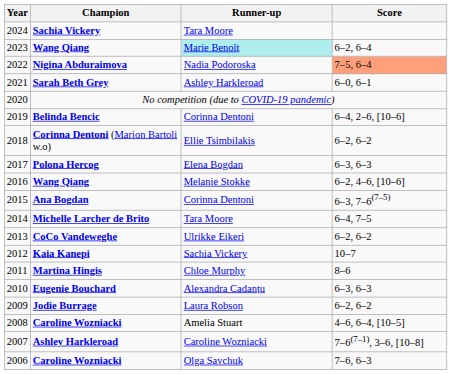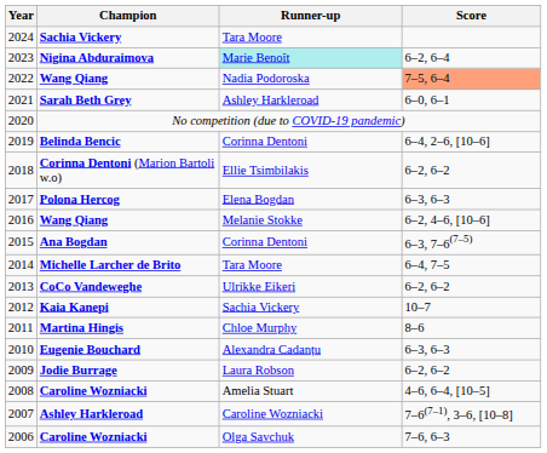 <table class="wikitable" style="font-size:90%">
 <tr>
 <th>Year</th>
 <th width="200">Champion</th>
 <th width="200">Runner-up</th>
 <th width="150">Score</th>
 </tr>
 <tr>
 <td>2024</td>
 <td> <strong><a href='#'>Sachia Vickery</a></strong></td>
 <td> <a href='#'>Tara Moore</a></td>
 <td></td>
 </tr>
 <tr>
 <td>2023</td>
-<td> <strong><a href='#'>Wang Qiang</a></strong></td>
+<td> <strong><a href='#'>Nigina Abduraimova</a></strong></td>
 <td style="background: paleturquoise;"> <a href='#'>Marie Benoît</a></td>
 <td>6–2, 6–4</td>
 </tr>
 <tr>
 <td>2022</td>
-<td> <strong><a href='#'>Nigina Abduraimova</a></strong></td>
+<td> <strong><a href='#'>Wang Qiang</a></strong></td>
 <td> <a href='#'>Nadia Podoroska</a></td>
 <td style="background: lightsalmon;">7–5, 6–4</td>
 </tr>
 <tr>
 <td>2021</td>
 <td> <strong><a href='#'>Sarah Beth Grey</a></strong></td>
 <td> <a href='#'>Ashley Harkleroad</a></td>
 <td>6–0, 6–1</td>
 </tr>
 <tr>
 <td>2020</td>
 <td colspan="3" style="text-align:center;"><em>No competition (due to <a href='#'>COVID-19 pandemic</a>)</em></td>
 </tr>
 <tr>
 <td>2019</td>
 <td> <strong><a href='#'>Belinda Bencic</a></strong></td>
 <td> <a href='#'>Corinna Dentoni</a></td>
 <td>6–4, 2–6, [10–6]</td>
 </tr>
 <tr>
 <td>2018</td>
 <td><strong><a href='#'>Corinna Dentoni</a></strong> (<a href='#'>Marion Bartoli</a> w.o)</td>
 <td> <a href='#'>Ellie Tsimbilakis</a></td>
 <td>6–2, 6–2</td>
 </tr>
 <tr>
 <td>2017</td>
 <td> <strong><a href='#'>Polona Hercog</a></strong></td>
 <td> <a href='#'>Elena Bogdan</a></td>
 <td>6–3, 6–3</td>
 </tr>
 <tr>
 <td>2016</td>
 <td> <strong><a href='#'>Wang Qiang</a></strong></td>
 <td> <a href='#'>Melanie Stokke</a></td>
 <td>6–2, 4–6, [10–6]</td>
 </tr>
 <tr>
 <td>2015</td>
 <td> <strong><a href='#'>Ana Bogdan</a></strong></td>
 <td> <a href='#'>Corinna Dentoni</a></td>
 <td>6–3, 7–6<sup>(7–5)</sup></td>
 </tr>
 <tr>
 <td>2014</td>
 <td> <strong><a href='#'>Michelle Larcher de Brito</a></strong></td>
 <td> <a href='#'>Tara Moore</a></td>
 <td>6–4, 7–5</td>
 </tr>
 <tr>
 <td>2013</td>
 <td> <strong><a href='#'>CoCo Vandeweghe</a></strong></td>
 <td> <a href='#'>Ulrikke Eikeri</a></td>
 <td>6–2, 6–2</td>
 </tr>
 <tr>
 <td>2012</td>
 <td> <strong><a href='#'>Kaia Kanepi</a></strong></td>
 <td> <a href='#'>Sachia Vickery</a></td>
 <td>10–7</td>
 </tr>
 <tr>
 <td>2011</td>
 <td> <strong><a href='#'>Martina Hingis</a></strong></td>
 <td> <a href='#'>Chloe Murphy</a></td>
 <td>8–6</td>
 </tr>
 <tr>
 <td>2010</td>
 <td> <strong><a href='#'>Eugenie Bouchard</a></strong></td>
 <td> <a href='#'>Alexandra Cadanțu</a></td>
 <td>6–3, 6–3</td>
 </tr>
 <tr>
 <td>2009</td>
 <td> <strong><a href='#'>Jodie Burrage</a></strong></td>
 <td> <a href='#'>Laura Robson</a></td>
 <td>6–2, 6–2</td>
 </tr>
 <tr>
 <td>2008</td>
 <td> <strong><a href='#'>Caroline Wozniacki</a></strong></td>
 <td> Amelia Stuart</td>
 <td>4–6, 6–4, [10–5]</td>
 </tr>
 <tr>
 <td>2007</td>
 <td> <strong><a href='#'>Ashley Harkleroad</a></strong></td>
 <td> <a href='#'>Caroline Wozniacki</a></td>
 <td>7–6<sup>(7–1)</sup>, 3–6, [10–8]</td>
 </tr>
 <tr>
 <td>2006</td>
 <td> <strong><a href='#'>Caroline Wozniacki</a></strong></td>
 <td> <a href='#'>Olga Savchuk</a></td>
 <td>7–6, 6–3</td>
 </tr>
 </table>
